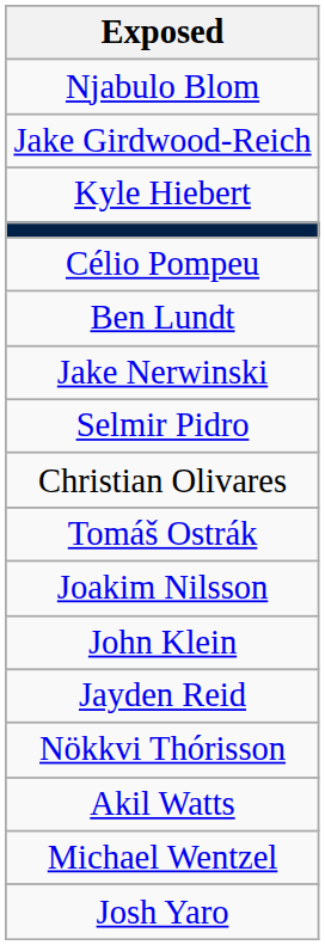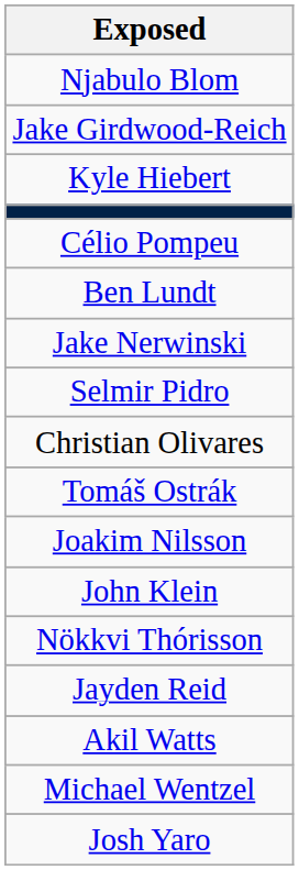 <table class="wikitable" style="text-align:center">
 <tr>
 <th>Exposed</th>
 </tr>
 <tr>
 <td><a href='#'>Njabulo Blom</a></td>
 </tr>
 <tr>
 <td><a href='#'>Jake Girdwood-Reich</a></td>
 </tr>
 <tr>
 <td><a href='#'>Kyle Hiebert</a></td>
 </tr>
 <tr>
 <td style="background: #002147"></td>
 </tr>
 <tr>
 <td><a href='#'>Célio Pompeu</a></td>
 </tr>
 <tr>
 <td><a href='#'>Ben Lundt</a></td>
 </tr>
 <tr>
 <td><a href='#'>Jake Nerwinski</a></td>
 </tr>
 <tr>
 <td><a href='#'>Selmir Pidro</a></td>
 </tr>
 <tr>
 <td>Christian Olivares</td>
 </tr>
 <tr>
 <td><a href='#'>Tomáš Ostrák</a></td>
 </tr>
 <tr>
 <td><a href='#'>Joakim Nilsson</a></td>
 </tr>
 <tr>
 <td><a href='#'>John Klein</a></td>
 </tr>
 <tr>
-<td><a href='#'>Jayden Reid</a></td>
+<td><a href='#'>Nökkvi Thórisson</a></td>
 </tr>
 <tr>
-<td><a href='#'>Nökkvi Thórisson</a></td>
+<td><a href='#'>Jayden Reid</a></td>
 </tr>
 <tr>
 <td><a href='#'>Akil Watts</a></td>
 </tr>
 <tr>
 <td><a href='#'>Michael Wentzel</a></td>
 </tr>
 <tr>
 <td><a href='#'>Josh Yaro</a></td>
 </tr>
 </table>
